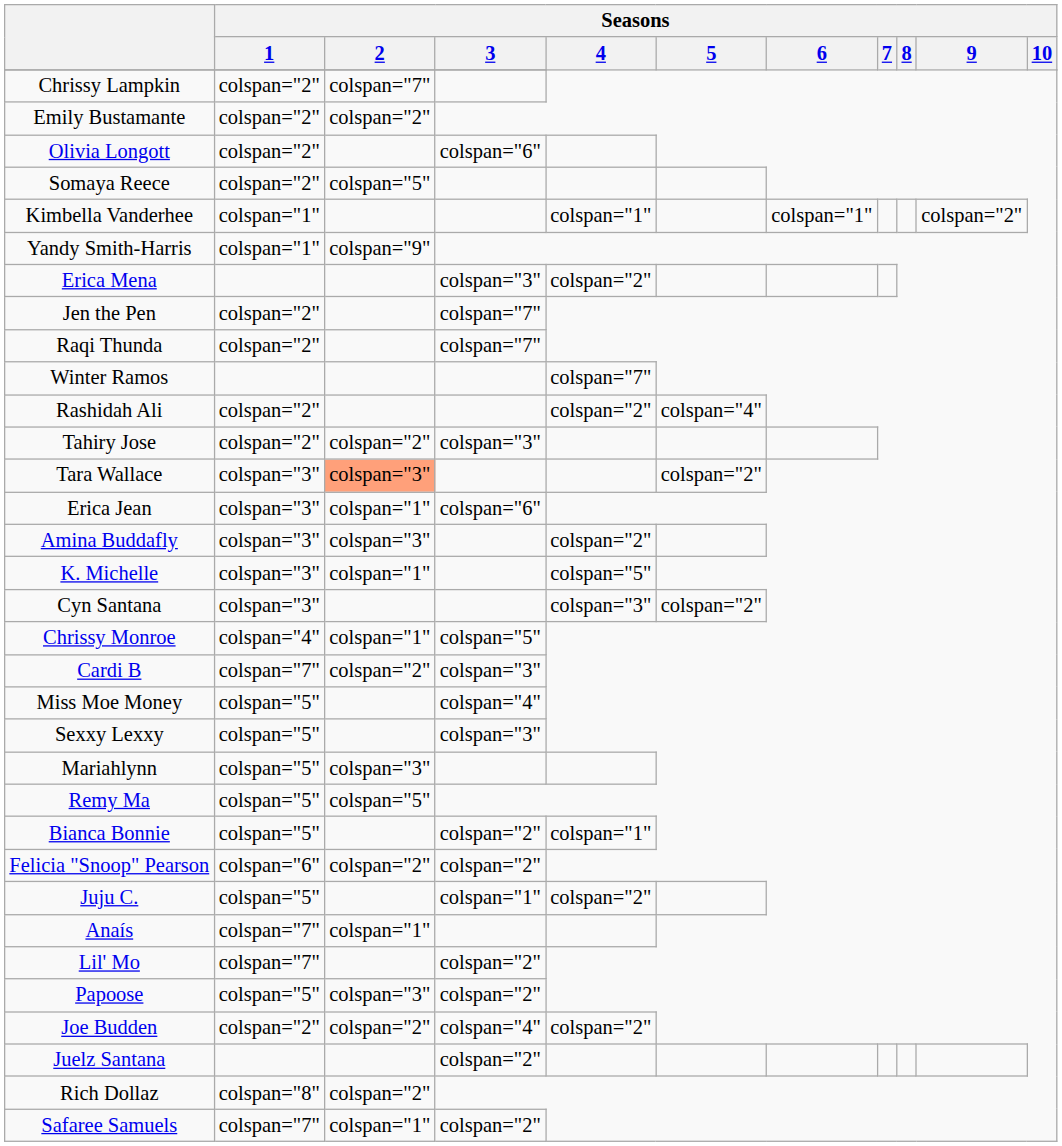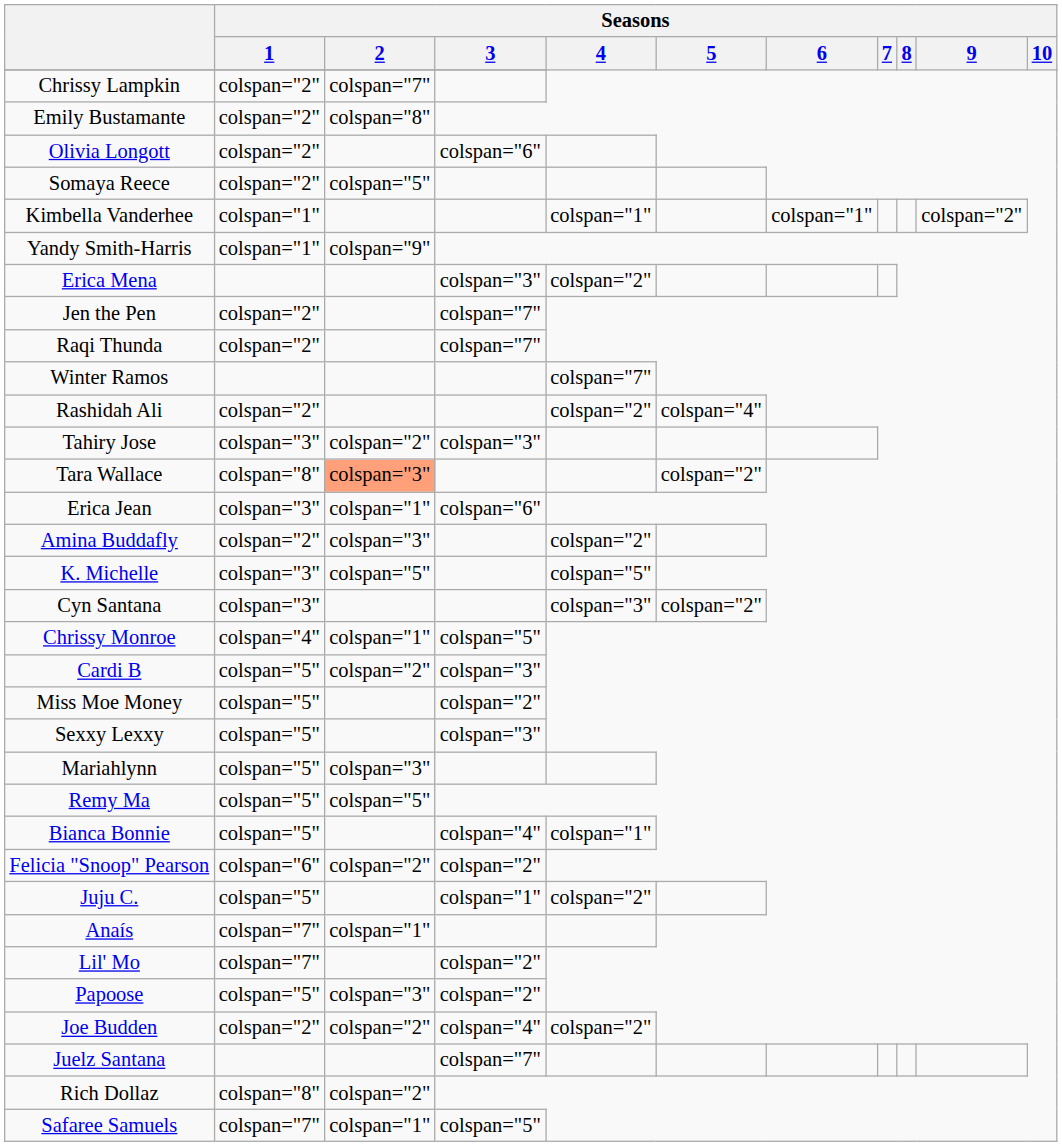 <table class="wikitable plainrowheaders" style="text-align:center;">
 <tr>
 <th rowspan="2" scope="col"></th>
 <th scope="col" colspan="10">Seasons</th>
 </tr>
 <tr>
 <th scope="col"><a href='#'>1</a></th>
 <th scope="col"><a href='#'>2</a></th>
 <th scope="col"><a href='#'>3</a></th>
 <th scope="col"><a href='#'>4</a></th>
 <th scope="col"><a href='#'>5</a></th>
 <th scope="col"><a href='#'>6</a></th>
 <th scope="col"><a href='#'>7</a></th>
 <th scope="col"><a href='#'>8</a></th>
 <th scope="col"><a href='#'>9</a></th>
 <th scope="col"><a href='#'>10</a></th>
 </tr>
 <tr>
 </tr>
 <tr>
 <td scope="row">Chrissy Lampkin</td>
 <td>colspan="2" </td>
 <td>colspan="7" </td>
 <td></td>
 </tr>
 <tr>
 <td scope="row">Emily Bustamante</td>
 <td>colspan="2" </td>
-<td>colspan="2" </td>
+<td>colspan="8" </td>
 </tr>
 <tr>
 <td scope="row"><a href='#'>Olivia Longott</a></td>
 <td>colspan="2" </td>
 <td></td>
 <td>colspan="6" </td>
 <td></td>
 </tr>
 <tr>
 <td scope="row">Somaya Reece</td>
 <td>colspan="2" </td>
 <td>colspan="5" </td>
 <td></td>
 <td></td>
 <td></td>
 </tr>
 <tr>
 <td scope="row">Kimbella Vanderhee</td>
 <td>colspan="1" </td>
 <td></td>
 <td></td>
 <td>colspan="1" </td>
 <td></td>
 <td>colspan="1" </td>
 <td></td>
 <td></td>
 <td>colspan="2" </td>
 </tr>
 <tr>
 <td scope="row">Yandy Smith-Harris</td>
 <td>colspan="1" </td>
 <td>colspan="9" </td>
 </tr>
 <tr>
 <td scope="row"><a href='#'>Erica Mena</a></td>
 <td></td>
 <td></td>
 <td>colspan="3" </td>
 <td>colspan="2" </td>
 <td></td>
 <td></td>
 <td></td>
 </tr>
 <tr>
 <td scope="row">Jen the Pen</td>
 <td>colspan="2" </td>
 <td></td>
 <td>colspan="7" </td>
 </tr>
 <tr>
 <td scope="row">Raqi Thunda</td>
 <td>colspan="2" </td>
 <td></td>
 <td>colspan="7" </td>
 </tr>
 <tr>
 <td scope="row">Winter Ramos</td>
 <td></td>
 <td></td>
 <td></td>
 <td>colspan="7" </td>
 </tr>
 <tr>
 <td scope="row">Rashidah Ali</td>
 <td>colspan="2" </td>
 <td></td>
 <td></td>
 <td>colspan="2" </td>
 <td>colspan="4" </td>
 </tr>
 <tr>
 <td scope="row">Tahiry Jose</td>
-<td>colspan="2" </td>
+<td>colspan="3" </td>
 <td>colspan="2" </td>
 <td>colspan="3" </td>
 <td></td>
 <td></td>
 <td></td>
 </tr>
 <tr>
 <td scope="row">Tara Wallace</td>
-<td>colspan="3" </td>
+<td>colspan="8" </td>
 <td style="background: lightsalmon;">colspan="3" </td>
 <td></td>
 <td></td>
 <td>colspan="2" </td>
 </tr>
 <tr>
 <td scope="row">Erica Jean</td>
 <td>colspan="3" </td>
 <td>colspan="1" </td>
 <td>colspan="6" </td>
 </tr>
 <tr>
 <td scope="row"><a href='#'>Amina Buddafly</a></td>
-<td>colspan="3" </td>
+<td>colspan="2" </td>
 <td>colspan="3" </td>
 <td></td>
 <td>colspan="2" </td>
 <td></td>
 </tr>
 <tr>
 <td scope="row"><a href='#'>K. Michelle</a></td>
 <td>colspan="3" </td>
-<td>colspan="1" </td>
+<td>colspan="5" </td>
 <td></td>
 <td>colspan="5" </td>
 </tr>
 <tr>
 <td scope="row">Cyn Santana</td>
 <td>colspan="3" </td>
 <td></td>
 <td></td>
 <td>colspan="3" </td>
 <td>colspan="2" </td>
 </tr>
 <tr>
 <td scope="row"><a href='#'>Chrissy Monroe</a></td>
 <td>colspan="4" </td>
 <td>colspan="1" </td>
 <td>colspan="5" </td>
 </tr>
 <tr>
 <td scope="row"><a href='#'>Cardi B</a></td>
-<td>colspan="7" </td>
+<td>colspan="5" </td>
 <td>colspan="2" </td>
 <td>colspan="3" </td>
 </tr>
 <tr>
 <td scope="row">Miss Moe Money</td>
 <td>colspan="5" </td>
 <td></td>
-<td>colspan="4" </td>
+<td>colspan="2" </td>
 </tr>
 <tr>
 <td scope="row">Sexxy Lexxy</td>
 <td>colspan="5" </td>
 <td></td>
 <td>colspan="3" </td>
 </tr>
 <tr>
 <td scope="row">Mariahlynn</td>
 <td>colspan="5" </td>
 <td>colspan="3" </td>
 <td></td>
 <td></td>
 </tr>
 <tr>
 <td scope="row"><a href='#'>Remy Ma</a></td>
 <td>colspan="5" </td>
 <td>colspan="5" </td>
 </tr>
 <tr>
 <td scope="row"><a href='#'>Bianca Bonnie</a></td>
 <td>colspan="5" </td>
 <td></td>
-<td>colspan="2" </td>
+<td>colspan="4" </td>
 <td>colspan="1" </td>
 </tr>
 <tr>
 <td scope="row"><a href='#'>Felicia "Snoop" Pearson</a></td>
 <td>colspan="6" </td>
 <td>colspan="2" </td>
 <td>colspan="2" </td>
 </tr>
 <tr>
 <td scope="row"><a href='#'>Juju C.</a></td>
 <td>colspan="5" </td>
 <td></td>
 <td>colspan="1" </td>
 <td>colspan="2" </td>
 <td></td>
 </tr>
 <tr>
 <td scope="row"><a href='#'>Anaís</a></td>
 <td>colspan="7" </td>
 <td>colspan="1" </td>
 <td></td>
 <td></td>
 </tr>
 <tr>
 <td scope="row"><a href='#'>Lil' Mo</a></td>
 <td>colspan="7" </td>
 <td></td>
 <td>colspan="2" </td>
 </tr>
 <tr>
 <td scope="row"><a href='#'>Papoose</a></td>
 <td>colspan="5" </td>
 <td>colspan="3" </td>
 <td>colspan="2" </td>
 </tr>
 <tr>
 <td scope="row"><a href='#'>Joe Budden</a></td>
 <td>colspan="2" </td>
 <td>colspan="2" </td>
 <td>colspan="4" </td>
 <td>colspan="2" </td>
 </tr>
 <tr>
 <td scope="row"><a href='#'>Juelz Santana</a></td>
 <td></td>
 <td></td>
-<td>colspan="2" </td>
+<td>colspan="7" </td>
 <td></td>
 <td></td>
 <td></td>
 <td></td>
 <td></td>
 <td></td>
 </tr>
 <tr>
 <td scope="row">Rich Dollaz</td>
 <td>colspan="8" </td>
 <td>colspan="2" </td>
 </tr>
 <tr>
 <td scope="row"><a href='#'>Safaree Samuels</a></td>
 <td>colspan="7" </td>
 <td>colspan="1" </td>
-<td>colspan="2" </td>
+<td>colspan="5" </td>
 </tr>
 </table>
